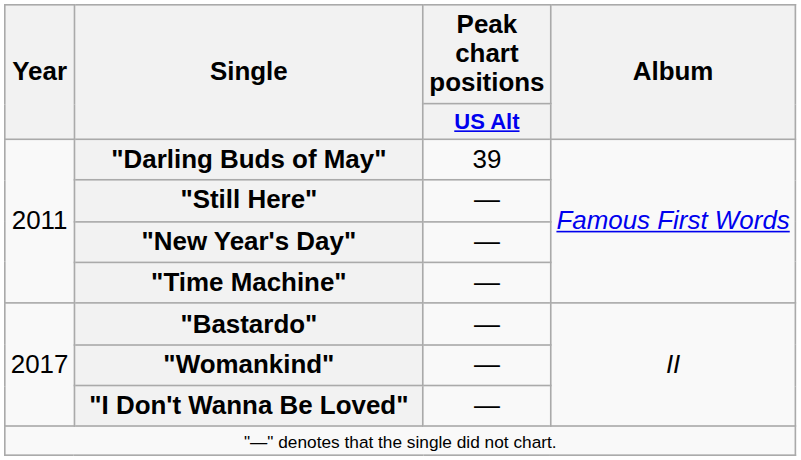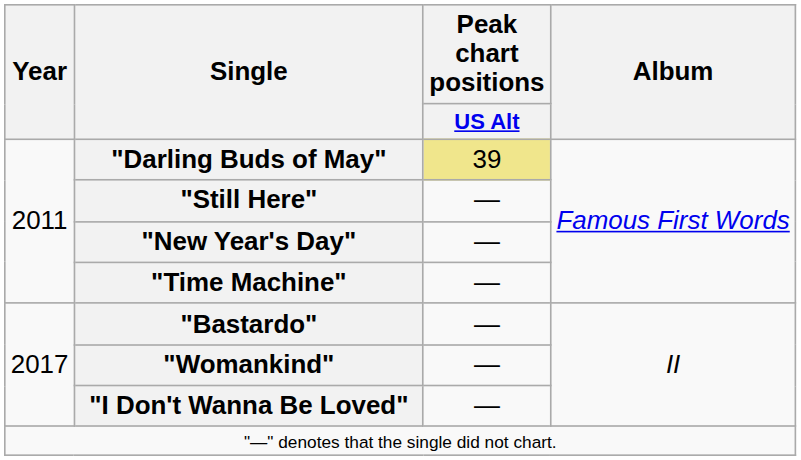 <table class="wikitable plainrowheaders" style="text-align:center;">
 <tr>
 <th scope="col" rowspan="2">Year</th>
 <th scope="col" rowspan="2" style="width:13em;">Single</th>
 <th scope="col">Peak chart positions</th>
 <th scope="col" rowspan="2">Album</th>
 </tr>
 <tr>
 <th scope="col" style="width:3em;font-size:85%;"><a href='#'>US Alt</a></th>
 </tr>
 <tr>
 <td rowspan="4">2011</td>
 <th scope="row">"Darling Buds of May"</th>
-<td>39</td>
+<td style="background: khaki;">39</td>
 <td rowspan="4"><em><a href='#'>Famous First Words</a></em></td>
 </tr>
 <tr>
 <th scope="row">"Still Here"</th>
 <td>—</td>
 </tr>
 <tr>
 <th scope="row">"New Year's Day"</th>
 <td>—</td>
 </tr>
 <tr>
 <th scope="row">"Time Machine"</th>
 <td>—</td>
 </tr>
 <tr>
 <td rowspan="3">2017</td>
 <th scope="row">"Bastardo"</th>
 <td>—</td>
 <td rowspan="3"><em>II</em></td>
 </tr>
 <tr>
 <th scope="row">"Womankind"</th>
 <td>—</td>
 </tr>
 <tr>
 <th scope="row">"I Don't Wanna Be Loved"</th>
 <td>—</td>
 </tr>
 <tr>
 <td colspan="4" style="font-size: 8pt">"—" denotes that the single did not chart.</td>
 </tr>
 </table>
